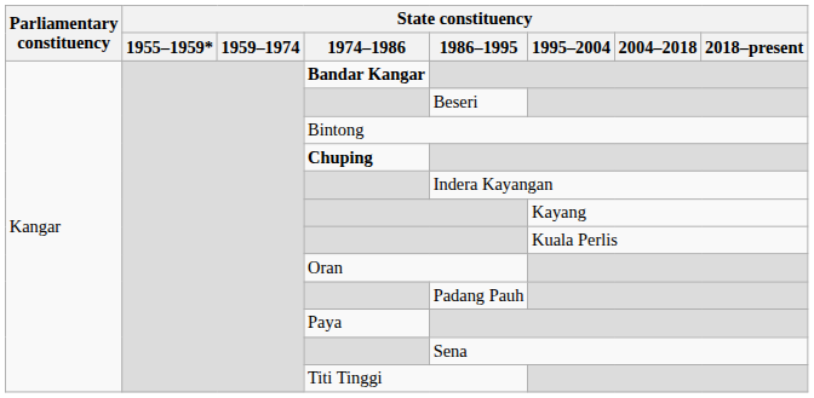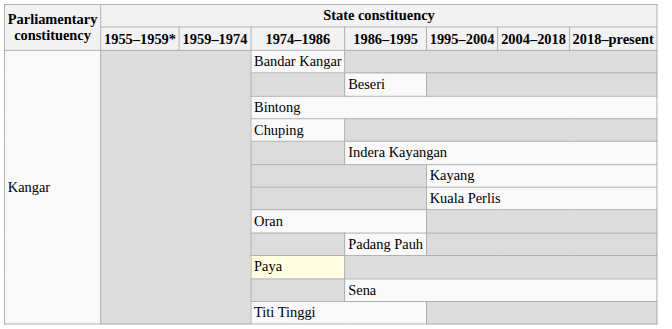 <table class="wikitable">
 <tr>
 <th rowspan="2">Parliamentary<br>constituency</th>
 <th colspan="7">State constituency</th>
 </tr>
 <tr>
 <th>1955–1959*</th>
 <th>1959–1974</th>
 <th>1974–1986</th>
 <th>1986–1995</th>
 <th>1995–2004</th>
 <th>2004–2018</th>
 <th>2018–present</th>
 </tr>
 <tr>
 <td rowspan="12">Kangar</td>
 <td colspan="2" rowspan="12" bgcolor="dcdcdc"></td>
-<td><strong>Bandar Kangar</strong></td>
+<td>Bandar Kangar</td>
 <td colspan="4" bgcolor="dcdcdc"></td>
 </tr>
 <tr>
 <td bgcolor="dcdcdc"></td>
 <td>Beseri</td>
 <td colspan="3" bgcolor="dcdcdc"></td>
 </tr>
 <tr>
 <td colspan="5">Bintong</td>
 </tr>
 <tr>
-<td><strong>Chuping</strong></td>
+<td>Chuping</td>
 <td colspan="4" bgcolor="dcdcdc"></td>
 </tr>
 <tr>
 <td bgcolor="dcdcdc"></td>
 <td colspan="4">Indera Kayangan</td>
 </tr>
 <tr>
 <td colspan="2" bgcolor="dcdcdc"></td>
 <td colspan="3">Kayang</td>
 </tr>
 <tr>
 <td colspan="2" bgcolor="dcdcdc"></td>
 <td colspan="3">Kuala Perlis</td>
 </tr>
 <tr>
 <td colspan="2">Oran</td>
 <td colspan="3" bgcolor="dcdcdc"></td>
 </tr>
 <tr>
 <td bgcolor="dcdcdc"></td>
 <td>Padang Pauh</td>
 <td colspan="3" bgcolor="dcdcdc"></td>
 </tr>
 <tr>
-<td>Paya</td>
+<td style="background: lightyellow;">Paya</td>
 <td colspan="4" bgcolor="dcdcdc"></td>
 </tr>
 <tr>
 <td bgcolor="dcdcdc"></td>
 <td colspan="4">Sena</td>
 </tr>
 <tr>
 <td colspan="2">Titi Tinggi</td>
 <td colspan="3" bgcolor="dcdcdc"></td>
 </tr>
 </table>
